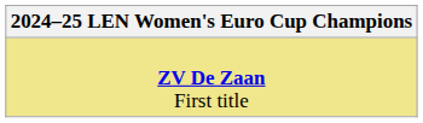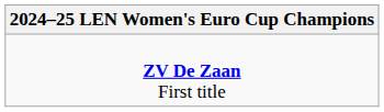 <table class=wikitable style="text-align:center; margin:auto">
 <tr>
 <th>2024–25 LEN Women's Euro Cup Champions</th>
 </tr>
 <tr>
-<td style="background: khaki;"> <br><strong><a href='#'>ZV De Zaan</a></strong><br>First title</td>
+<td> <br><strong><a href='#'>ZV De Zaan</a></strong><br>First title</td>
 </tr>
 </table>
